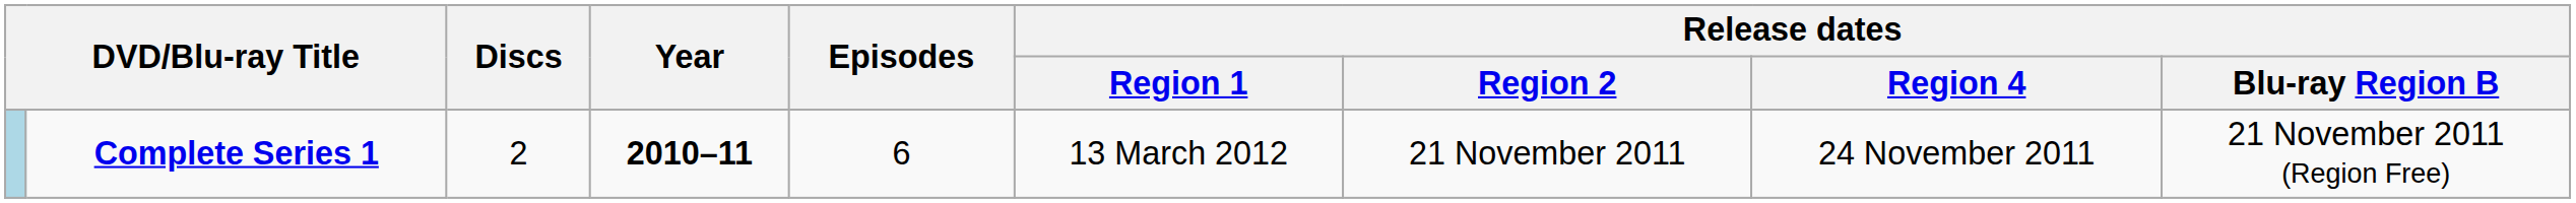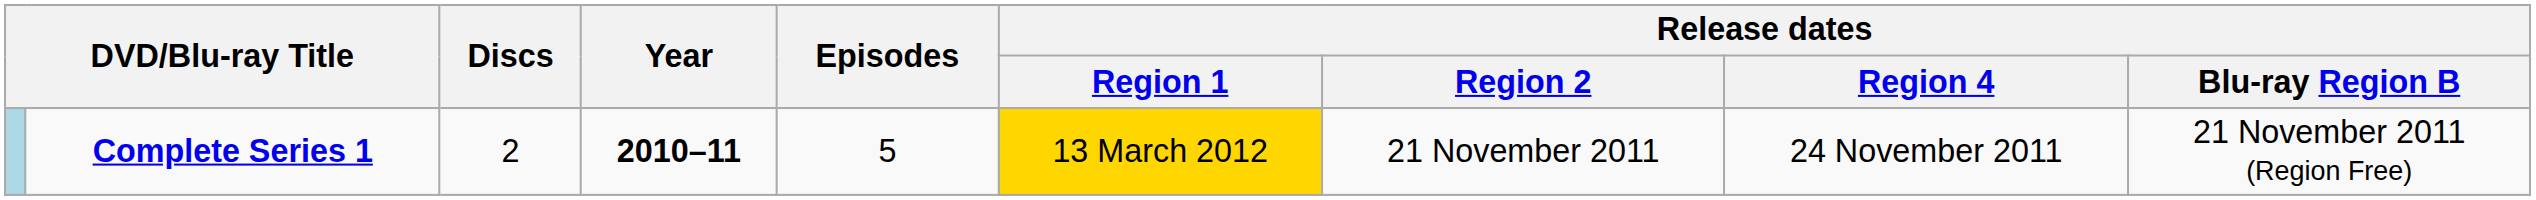 <table class="wikitable"  style="width:99%; left:0 auto; text-align:center;">
 <tr>
 <th colspan="2" rowspan="2">DVD/Blu-ray Title</th>
 <th rowspan="2">Discs</th>
 <th rowspan="2">Year</th>
 <th rowspan="2">Episodes</th>
 <th colspan="4">Release dates</th>
 </tr>
 <tr>
 <th><a href='#'>Region 1</a></th>
 <th><a href='#'>Region 2</a></th>
 <th><a href='#'>Region 4</a></th>
 <th>Blu-ray <a href='#'>Region B</a></th>
 </tr>
 <tr>
 <td style="background:LightBlue;"></td>
 <td><strong><a href='#'>Complete Series 1</a></strong></td>
 <td>2</td>
 <td><strong>2010–11</strong></td>
-<td>6</td>
-<td>13 March 2012</td>
+<td>5</td>
+<td style="background: gold;">13 March 2012</td>
 <td>21 November 2011</td>
 <td>24 November 2011</td>
 <td>21 November 2011 <br><small>(Region Free)</small></td>
 </tr>
 </table>
